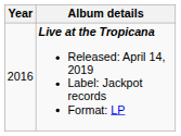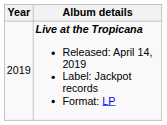 <table class ="wikitable" border="1">
 <tr>
 <th>Year</th>
 <th width="185">Album details</th>
 </tr>
 <tr>
-<td>2016</td>
+<td>2019</td>
 <td><strong><em>Live at the Tropicana</em></strong><br><ul><li>Released: April 14, 2019</li><li>Label: Jackpot records</li><li>Format: <a href='#'>LP</a></li></ul></td>
 </tr>
 </table>
